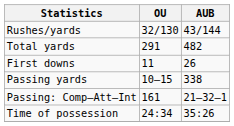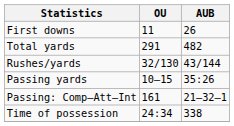 <table class="wikitable" style="float: left;">
 <tr>
 <th>Statistics</th>
 <th>OU</th>
 <th>AUB</th>
 </tr>
 <tr>
-<td>Rushes/yards</td>
-<td>32/130</td>
-<td>43/144</td>
+<td>First downs</td>
+<td>11</td>
+<td>26</td>
 </tr>
 <tr>
 <td>Total yards</td>
 <td>291</td>
 <td>482</td>
 </tr>
 <tr>
-<td>First downs</td>
-<td>11</td>
-<td>26</td>
+<td>Rushes/yards</td>
+<td>32/130</td>
+<td>43/144</td>
 </tr>
 <tr>
 <td>Passing yards</td>
 <td>10–15</td>
-<td>338</td>
+<td>35:26</td>
 </tr>
 <tr>
 <td>Passing: Comp–Att–Int</td>
 <td>161</td>
 <td>21–32–1</td>
 </tr>
 <tr>
 <td>Time of possession</td>
 <td>24:34</td>
-<td>35:26</td>
+<td>338</td>
 </tr>
 <tr>
 </tr>
 </table>
